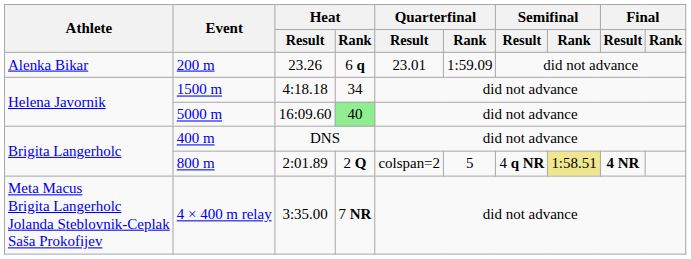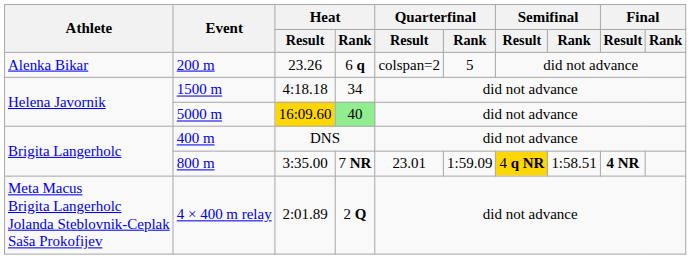 <table class="wikitable" style="font-size:90%">
 <tr>
 <th rowspan="2">Athlete</th>
 <th rowspan="2">Event</th>
 <th colspan="2">Heat</th>
 <th colspan="2">Quarterfinal</th>
 <th colspan="2">Semifinal</th>
 <th colspan="2">Final</th>
 </tr>
 <tr style="font-size:95%">
 <th>Result</th>
 <th>Rank</th>
 <th>Result</th>
 <th>Rank</th>
 <th>Result</th>
 <th>Rank</th>
 <th>Result</th>
 <th>Rank</th>
 </tr>
 <tr align=center>
 <td align=left><a href='#'>Alenka Bikar</a></td>
 <td align=left><a href='#'>200 m</a></td>
 <td>23.26</td>
 <td>6 <strong>q</strong></td>
-<td>23.01</td>
-<td>1:59.09</td>
+<td>colspan=2 </td>
+<td>5</td>
 <td colspan=4>did not advance</td>
 </tr>
 <tr align=center>
 <td align=left rowspan=2><a href='#'>Helena Javornik</a></td>
 <td align=left><a href='#'>1500 m</a></td>
 <td>4:18.18</td>
 <td>34</td>
 <td colspan=6>did not advance</td>
 </tr>
 <tr align=center>
 <td align=left><a href='#'>5000 m</a></td>
-<td>16:09.60</td>
+<td style="background: gold;">16:09.60</td>
 <td style="background: lightgreen;">40</td>
 <td colspan=6>did not advance</td>
 </tr>
 <tr align=center>
 <td align=left rowspan=2><a href='#'>Brigita Langerholc</a></td>
 <td align=left><a href='#'>400 m</a></td>
 <td colspan=2>DNS</td>
 <td colspan=6>did not advance</td>
 </tr>
 <tr align=center>
 <td align=left><a href='#'>800 m</a></td>
-<td>2:01.89</td>
-<td>2 <strong>Q</strong></td>
-<td>colspan=2 </td>
-<td>5</td>
-<td>4 <strong>q</strong> <strong>NR</strong></td>
-<td style="background: khaki;">1:58.51</td>
+<td>3:35.00</td>
+<td>7 <strong>NR</strong></td>
+<td>23.01</td>
+<td>1:59.09</td>
+<td style="background: gold;">4 <strong>q</strong> <strong>NR</strong></td>
+<td>1:58.51</td>
 <td><strong>4</strong> <strong>NR</strong></td>
 </tr>
 <tr align=center>
 <td align=left><a href='#'>Meta Macus</a><br><a href='#'>Brigita Langerholc</a><br><a href='#'>Jolanda Steblovnik-Ceplak</a><br><a href='#'>Saša Prokofijev</a></td>
 <td align=left><a href='#'>4 × 400 m relay</a></td>
-<td>3:35.00</td>
-<td>7 <strong>NR</strong></td>
+<td>2:01.89</td>
+<td>2 <strong>Q</strong></td>
 <td colspan=6>did not advance</td>
 </tr>
 </table>
